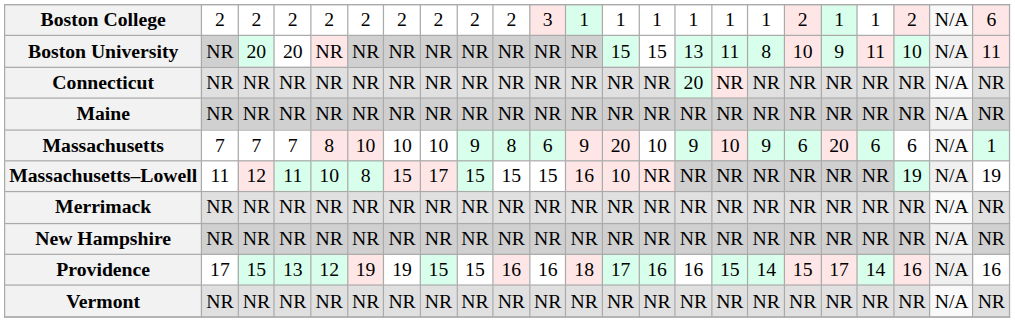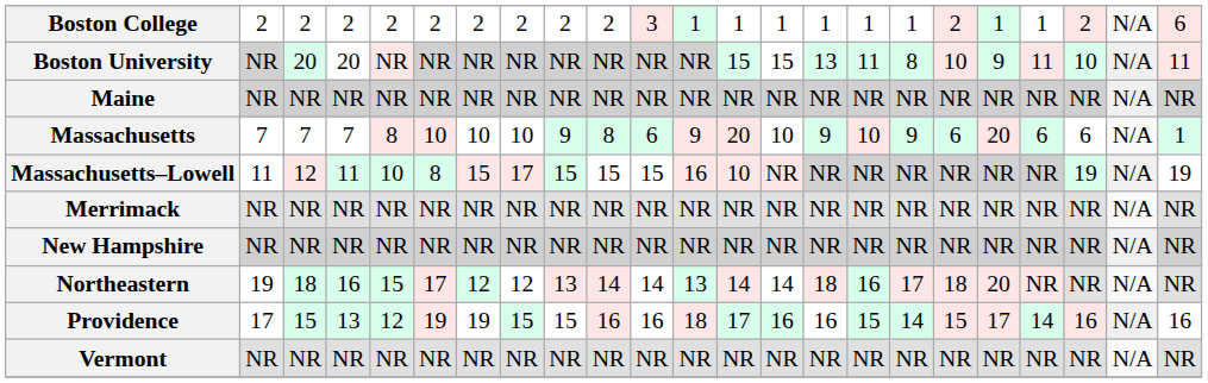 <table class="wikitable sortable" style="text-align: center;">
 <tr>
 </tr>
 <tr>
 <th>Boston College</th>
 <td bgcolor=FFFFFF>2</td>
 <td bgcolor=FFFFFF>2</td>
 <td bgcolor=FFFFFF>2</td>
 <td bgcolor=FFFFFF>2</td>
 <td bgcolor=FFFFFF>2</td>
 <td bgcolor=FFFFFF>2</td>
 <td bgcolor=FFFFFF>2</td>
 <td bgcolor=FFFFFF>2</td>
 <td bgcolor=FFFFFF>2</td>
 <td bgcolor=FFE6E6>3</td>
 <td bgcolor=D8FFEB>1</td>
 <td bgcolor=FFFFFF>1</td>
 <td bgcolor=FFFFFF>1</td>
 <td bgcolor=FFFFFF>1</td>
 <td bgcolor=FFFFFF>1</td>
 <td bgcolor=FFFFFF>1</td>
 <td bgcolor=FFE6E6>2</td>
 <td bgcolor=D8FFEB>1</td>
 <td bgcolor=FFFFFF>1</td>
 <td bgcolor=FFE6E6>2</td>
 <td>N/A</td>
 <td bgcolor=FFE6E6>6</td>
 </tr>
 <tr bgcolor=f0f0f0>
 <th>Boston University</th>
 <td bgcolor=d0d0d0>NR</td>
 <td bgcolor=D8FFEB>20</td>
 <td bgcolor=FFFFFF>20</td>
 <td bgcolor=FFE6E6>NR</td>
 <td bgcolor=d0d0d0>NR</td>
 <td bgcolor=d0d0d0>NR</td>
 <td bgcolor=d0d0d0>NR</td>
 <td bgcolor=d0d0d0>NR</td>
 <td bgcolor=d0d0d0>NR</td>
 <td bgcolor=d0d0d0>NR</td>
 <td bgcolor=d0d0d0>NR</td>
 <td bgcolor=D8FFEB>15</td>
 <td bgcolor=FFFFFF>15</td>
 <td bgcolor=D8FFEB>13</td>
 <td bgcolor=D8FFEB>11</td>
 <td bgcolor=D8FFEB>8</td>
 <td bgcolor=FFE6E6>10</td>
 <td bgcolor=D8FFEB>9</td>
 <td bgcolor=FFE6E6>11</td>
 <td bgcolor=D8FFEB>10</td>
 <td>N/A</td>
 <td bgcolor=FFE6E6>11</td>
-</tr>
-<tr>
-<th>Connecticut</th>
-<td bgcolor=e0e0e0>NR</td>
-<td bgcolor=e0e0e0>NR</td>
-<td bgcolor=e0e0e0>NR</td>
-<td bgcolor=e0e0e0>NR</td>
-<td bgcolor=e0e0e0>NR</td>
-<td bgcolor=e0e0e0>NR</td>
-<td bgcolor=e0e0e0>NR</td>
-<td bgcolor=e0e0e0>NR</td>
-<td bgcolor=e0e0e0>NR</td>
-<td bgcolor=e0e0e0>NR</td>
-<td bgcolor=e0e0e0>NR</td>
-<td bgcolor=e0e0e0>NR</td>
-<td bgcolor=e0e0e0>NR</td>
-<td bgcolor=D8FFEB>20</td>
-<td bgcolor=FFE6E6>NR</td>
-<td bgcolor=e0e0e0>NR</td>
-<td bgcolor=e0e0e0>NR</td>
-<td bgcolor=e0e0e0>NR</td>
-<td bgcolor=e0e0e0>NR</td>
-<td bgcolor=e0e0e0>NR</td>
-<td>N/A</td>
-<td bgcolor=e0e0e0>NR</td>
 </tr>
 <tr bgcolor=f0f0f0>
 <th>Maine</th>
 <td bgcolor=d0d0d0>NR</td>
 <td bgcolor=d0d0d0>NR</td>
 <td bgcolor=d0d0d0>NR</td>
 <td bgcolor=d0d0d0>NR</td>
 <td bgcolor=d0d0d0>NR</td>
 <td bgcolor=d0d0d0>NR</td>
 <td bgcolor=d0d0d0>NR</td>
 <td bgcolor=d0d0d0>NR</td>
 <td bgcolor=d0d0d0>NR</td>
 <td bgcolor=d0d0d0>NR</td>
 <td bgcolor=d0d0d0>NR</td>
 <td bgcolor=d0d0d0>NR</td>
 <td bgcolor=d0d0d0>NR</td>
 <td bgcolor=d0d0d0>NR</td>
 <td bgcolor=d0d0d0>NR</td>
 <td bgcolor=d0d0d0>NR</td>
 <td bgcolor=d0d0d0>NR</td>
 <td bgcolor=d0d0d0>NR</td>
 <td bgcolor=d0d0d0>NR</td>
 <td bgcolor=d0d0d0>NR</td>
 <td>N/A</td>
 <td bgcolor=d0d0d0>NR</td>
 </tr>
 <tr>
 <th>Massachusetts</th>
 <td bgcolor=FFFFFF>7</td>
 <td bgcolor=FFFFFF>7</td>
 <td bgcolor=FFFFFF>7</td>
 <td bgcolor=FFE6E6>8</td>
 <td bgcolor=FFE6E6>10</td>
 <td bgcolor=FFFFFF>10</td>
 <td bgcolor=FFFFFF>10</td>
 <td bgcolor=D8FFEB>9</td>
 <td bgcolor=D8FFEB>8</td>
 <td bgcolor=D8FFEB>6</td>
 <td bgcolor=FFE6E6>9</td>
 <td bgcolor=FFE6E6>20</td>
 <td bgcolor=FFFFFF>10</td>
 <td bgcolor=D8FFEB>9</td>
 <td bgcolor=FFE6E6>10</td>
 <td bgcolor=D8FFEB>9</td>
 <td bgcolor=D8FFEB>6</td>
 <td bgcolor=FFE6E6>20</td>
 <td bgcolor=D8FFEB>6</td>
 <td bgcolor=FFFFFF>6</td>
 <td>N/A</td>
 <td bgcolor=D8FFEB>1</td>
 </tr>
 <tr bgcolor=f0f0f0>
 <th>Massachusetts–Lowell</th>
 <td bgcolor=FFFFFF>11</td>
 <td bgcolor=FFE6E6>12</td>
 <td bgcolor=D8FFEB>11</td>
 <td bgcolor=D8FFEB>10</td>
 <td bgcolor=D8FFEB>8</td>
 <td bgcolor=FFE6E6>15</td>
 <td bgcolor=FFE6E6>17</td>
 <td bgcolor=D8FFEB>15</td>
 <td bgcolor=FFFFFF>15</td>
 <td bgcolor=FFFFFF>15</td>
 <td bgcolor=FFE6E6>16</td>
 <td bgcolor=FFE6E6>10</td>
 <td bgcolor=FFE6E6>NR</td>
 <td bgcolor=d0d0d0>NR</td>
 <td bgcolor=d0d0d0>NR</td>
 <td bgcolor=d0d0d0>NR</td>
 <td bgcolor=d0d0d0>NR</td>
 <td bgcolor=d0d0d0>NR</td>
 <td bgcolor=d0d0d0>NR</td>
 <td bgcolor=D8FFEB>19</td>
 <td>N/A</td>
 <td bgcolor=FFFFFF>19</td>
 </tr>
 <tr>
 <th>Merrimack</th>
 <td bgcolor=e0e0e0>NR</td>
 <td bgcolor=e0e0e0>NR</td>
 <td bgcolor=e0e0e0>NR</td>
 <td bgcolor=e0e0e0>NR</td>
 <td bgcolor=e0e0e0>NR</td>
 <td bgcolor=e0e0e0>NR</td>
 <td bgcolor=e0e0e0>NR</td>
 <td bgcolor=e0e0e0>NR</td>
 <td bgcolor=e0e0e0>NR</td>
 <td bgcolor=e0e0e0>NR</td>
 <td bgcolor=e0e0e0>NR</td>
 <td bgcolor=e0e0e0>NR</td>
 <td bgcolor=e0e0e0>NR</td>
 <td bgcolor=e0e0e0>NR</td>
 <td bgcolor=e0e0e0>NR</td>
 <td bgcolor=e0e0e0>NR</td>
 <td bgcolor=e0e0e0>NR</td>
 <td bgcolor=e0e0e0>NR</td>
 <td bgcolor=e0e0e0>NR</td>
 <td bgcolor=e0e0e0>NR</td>
 <td>N/A</td>
 <td bgcolor=e0e0e0>NR</td>
 </tr>
 <tr bgcolor=f0f0f0>
 <th>New Hampshire</th>
 <td bgcolor=d0d0d0>NR</td>
 <td bgcolor=d0d0d0>NR</td>
 <td bgcolor=d0d0d0>NR</td>
 <td bgcolor=d0d0d0>NR</td>
 <td bgcolor=d0d0d0>NR</td>
 <td bgcolor=d0d0d0>NR</td>
 <td bgcolor=d0d0d0>NR</td>
 <td bgcolor=d0d0d0>NR</td>
 <td bgcolor=d0d0d0>NR</td>
 <td bgcolor=d0d0d0>NR</td>
 <td bgcolor=d0d0d0>NR</td>
 <td bgcolor=d0d0d0>NR</td>
 <td bgcolor=d0d0d0>NR</td>
 <td bgcolor=d0d0d0>NR</td>
 <td bgcolor=d0d0d0>NR</td>
 <td bgcolor=d0d0d0>NR</td>
 <td bgcolor=d0d0d0>NR</td>
 <td bgcolor=d0d0d0>NR</td>
 <td bgcolor=d0d0d0>NR</td>
 <td bgcolor=d0d0d0>NR</td>
 <td>N/A</td>
 <td bgcolor=d0d0d0>NR</td>
 </tr>
+<tr>
+<th>Northeastern</th>
+<td bgcolor=FFFFFF>19</td>
+<td bgcolor=D8FFEB>18</td>
+<td bgcolor=D8FFEB>16</td>
+<td bgcolor=D8FFEB>15</td>
+<td bgcolor=FFE6E6>17</td>
+<td bgcolor=D8FFEB>12</td>
+<td bgcolor=FFFFFF>12</td>
+<td bgcolor=FFE6E6>13</td>
+<td bgcolor=FFE6E6>14</td>
+<td bgcolor=FFFFFF>14</td>
+<td bgcolor=D8FFEB>13</td>
+<td bgcolor=FFE6E6>14</td>
+<td bgcolor=FFFFFF>14</td>
+<td bgcolor=FFE6E6>18</td>
+<td bgcolor=D8FFEB>16</td>
+<td bgcolor=FFE6E6>17</td>
+<td bgcolor=FFE6E6>18</td>
+<td bgcolor=FFE6E6>20</td>
+<td bgcolor=FFE6E6>NR</td>
+<td bgcolor=e0e0e0>NR</td>
+<td>N/A</td>
+<td bgcolor=e0e0e0>NR</td>
+</tr>
 <tr bgcolor=f0f0f0>
 <th>Providence</th>
 <td bgcolor=FFFFFF>17</td>
 <td bgcolor=D8FFEB>15</td>
 <td bgcolor=D8FFEB>13</td>
 <td bgcolor=D8FFEB>12</td>
 <td bgcolor=FFE6E6>19</td>
 <td bgcolor=FFFFFF>19</td>
 <td bgcolor=D8FFEB>15</td>
 <td bgcolor=FFFFFF>15</td>
 <td bgcolor=FFE6E6>16</td>
 <td bgcolor=FFFFFF>16</td>
 <td bgcolor=FFE6E6>18</td>
 <td bgcolor=D8FFEB>17</td>
 <td bgcolor=D8FFEB>16</td>
 <td bgcolor=FFFFFF>16</td>
 <td bgcolor=D8FFEB>15</td>
 <td bgcolor=D8FFEB>14</td>
 <td bgcolor=FFE6E6>15</td>
 <td bgcolor=FFE6E6>17</td>
 <td bgcolor=D8FFEB>14</td>
 <td bgcolor=FFE6E6>16</td>
 <td>N/A</td>
 <td bgcolor=FFFFFF>16</td>
 </tr>
 <tr>
 <th>Vermont</th>
 <td bgcolor=e0e0e0>NR</td>
 <td bgcolor=e0e0e0>NR</td>
 <td bgcolor=e0e0e0>NR</td>
 <td bgcolor=e0e0e0>NR</td>
 <td bgcolor=e0e0e0>NR</td>
 <td bgcolor=e0e0e0>NR</td>
 <td bgcolor=e0e0e0>NR</td>
 <td bgcolor=e0e0e0>NR</td>
 <td bgcolor=e0e0e0>NR</td>
 <td bgcolor=e0e0e0>NR</td>
 <td bgcolor=e0e0e0>NR</td>
 <td bgcolor=e0e0e0>NR</td>
 <td bgcolor=e0e0e0>NR</td>
 <td bgcolor=e0e0e0>NR</td>
 <td bgcolor=e0e0e0>NR</td>
 <td bgcolor=e0e0e0>NR</td>
 <td bgcolor=e0e0e0>NR</td>
 <td bgcolor=e0e0e0>NR</td>
 <td bgcolor=e0e0e0>NR</td>
 <td bgcolor=e0e0e0>NR</td>
 <td>N/A</td>
 <td bgcolor=e0e0e0>NR</td>
 </tr>
 <tr>
 </tr>
 </table>
